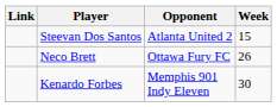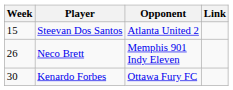 <table class=wikitable style="display:inline-table;">
 <tr>
-<th>Link</th>
+<th>Week</th>
 <th>Player</th>
 <th>Opponent</th>
-<th>Week</th>
+<th>Link</th>
 </tr>
 <tr>
-<td></td>
+<td>15</td>
 <td> <a href='#'>Steevan Dos Santos</a></td>
 <td><a href='#'>Atlanta United 2</a></td>
-<td>15</td>
+<td></td>
 </tr>
 <tr>
+<td>26</td>
+<td> <a href='#'>Neco Brett</a></td>
+<td><a href='#'>Memphis 901</a><br><a href='#'>Indy Eleven</a></td>
 <td></td>
-<td> <a href='#'>Neco Brett</a></td>
-<td><a href='#'>Ottawa Fury FC</a></td>
-<td>26</td>
 </tr>
 <tr>
+<td>30</td>
+<td> <a href='#'>Kenardo Forbes</a></td>
+<td><a href='#'>Ottawa Fury FC</a></td>
 <td></td>
-<td> <a href='#'>Kenardo Forbes</a></td>
-<td><a href='#'>Memphis 901</a><br><a href='#'>Indy Eleven</a></td>
-<td>30</td>
 </tr>
 </table>
